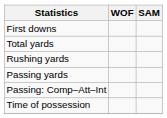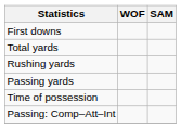 <table class="wikitable" style="float: left;">
 <tr>
 <th>Statistics</th>
 <th>WOF</th>
 <th>SAM</th>
 </tr>
 <tr>
 <td>First downs</td>
 <td></td>
 <td></td>
 </tr>
 <tr>
 <td>Total yards</td>
 <td></td>
 <td></td>
 </tr>
 <tr>
 <td>Rushing yards</td>
 <td></td>
 <td></td>
 </tr>
 <tr>
 <td>Passing yards</td>
 <td></td>
 <td></td>
 </tr>
 <tr>
-<td>Passing: Comp–Att–Int</td>
+<td>Time of possession</td>
 <td></td>
 <td></td>
 </tr>
 <tr>
-<td>Time of possession</td>
+<td>Passing: Comp–Att–Int</td>
 <td></td>
 <td></td>
 </tr>
 <tr>
 </tr>
 </table>
